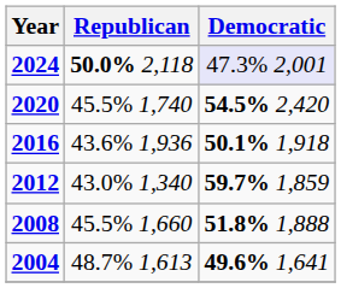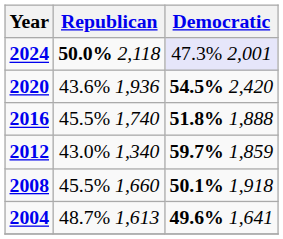 <table class="wikitable" style="float:right; margin: 1em 1em 1em 0; font-size: 95%;">
 <tr>
 <th>Year</th>
 <th><a href='#'>Republican</a></th>
 <th><a href='#'>Democratic</a></th>
 </tr>
 <tr>
 <td style="text-align:center; "><strong><a href='#'>2024</a></strong></td>
 <td style="text-align:center; "><strong>50.0%</strong> <em>2,118</em></td>
 <td style="background: lavender; text-align:center; ">47.3% <em>2,001</em></td>
 </tr>
 <tr>
 <td style="text-align:center; "><strong><a href='#'>2020</a></strong></td>
-<td style="text-align:center; ">45.5% <em>1,740</em></td>
+<td style="text-align:center; ">43.6% <em>1,936</em></td>
 <td style="text-align:center; "><strong>54.5%</strong>  <em>2,420</em></td>
 </tr>
 <tr>
 <td style="text-align:center; "><strong><a href='#'>2016</a></strong></td>
-<td style="text-align:center; ">43.6% <em>1,936</em></td>
-<td style="text-align:center; "><strong>50.1%</strong>  <em>1,918</em></td>
+<td style="text-align:center; ">45.5% <em>1,740</em></td>
+<td style="text-align:center; "><strong>51.8%</strong>  <em>1,888</em></td>
 </tr>
 <tr>
 <td style="text-align:center; "><strong><a href='#'>2012</a></strong></td>
 <td style="text-align:center; ">43.0% <em>1,340</em></td>
 <td style="text-align:center; "><strong>59.7%</strong>  <em>1,859</em></td>
 </tr>
 <tr>
 <td style="text-align:center; "><strong><a href='#'>2008</a></strong></td>
 <td style="text-align:center; ">45.5% <em>1,660</em></td>
-<td style="text-align:center; "><strong>51.8%</strong>  <em>1,888</em></td>
+<td style="text-align:center; "><strong>50.1%</strong>  <em>1,918</em></td>
 </tr>
 <tr>
 <td style="text-align:center; "><strong><a href='#'>2004</a></strong></td>
 <td style="text-align:center; ">48.7% <em>1,613</em></td>
 <td style="text-align:center; "><strong>49.6%</strong> <em>1,641</em></td>
 </tr>
 <tr>
 </tr>
 </table>
